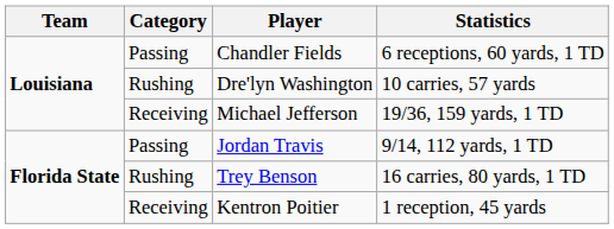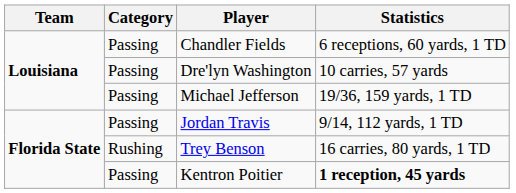 <table class="wikitable" style="float: left;">
 <tr>
 <th>Team</th>
 <th>Category</th>
 <th>Player</th>
 <th>Statistics</th>
 </tr>
 <tr>
 <td rowspan=3><strong>Louisiana</strong></td>
 <td>Passing</td>
 <td>Chandler Fields</td>
 <td>6 receptions, 60 yards, 1 TD</td>
 </tr>
 <tr>
-<td>Rushing</td>
+<td>Passing</td>
 <td>Dre'lyn Washington</td>
 <td>10 carries, 57 yards</td>
 </tr>
 <tr>
-<td>Receiving</td>
+<td>Passing</td>
 <td>Michael Jefferson</td>
 <td>19/36, 159 yards, 1 TD</td>
 </tr>
 <tr>
 <td rowspan=3><strong>Florida State</strong></td>
 <td>Passing</td>
 <td><a href='#'>Jordan Travis</a></td>
 <td>9/14, 112 yards, 1 TD</td>
 </tr>
 <tr>
 <td>Rushing</td>
 <td><a href='#'>Trey Benson</a></td>
 <td>16 carries, 80 yards, 1 TD</td>
 </tr>
 <tr>
-<td>Receiving</td>
+<td>Passing</td>
 <td>Kentron Poitier</td>
-<td>1 reception, 45 yards</td>
+<td><strong>1 reception, 45 yards</strong></td>
 </tr>
 </table>
